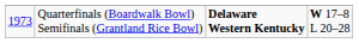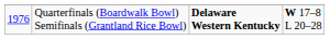 <table class="wikitable">
 <tr>
 </tr>
 <tr>
-<td><a href='#'>1973</a></td>
+<td><a href='#'>1976</a></td>
 <td>Quarterfinals (<a href='#'>Boardwalk Bowl</a>)<br>Semifinals (<a href='#'>Grantland Rice Bowl</a>)</td>
 <td><strong>Delaware<br>Western Kentucky</strong></td>
 <td><strong>W</strong> 17–8<br>L 20–28</td>
 </tr>
 </table>
